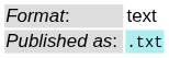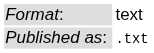 <table style="text-align:left;">
 <tr>
 <td style="background:#ddd; width:100px;"><em>Format</em>:</td>
 <td>text</td>
 </tr>
 <tr>
 <td style="background:#ddd;"><em>Published as</em>:</td>
-<td style="background: paleturquoise;"><code>.txt</code></td>
+<td><code>.txt</code></td>
 </tr>
 </table>
